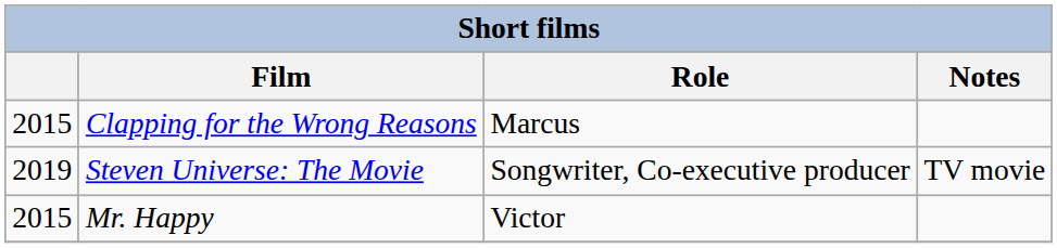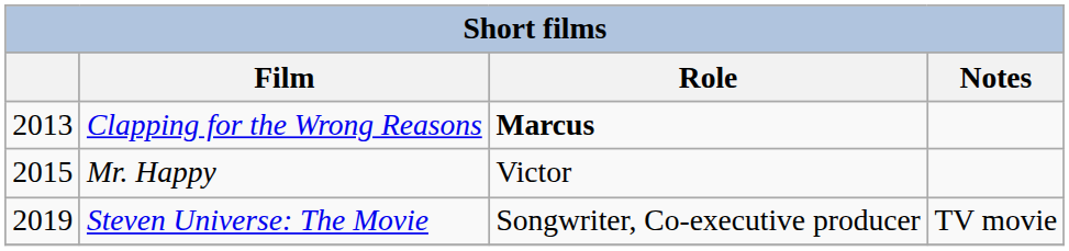 <table class="wikitable">
 <tr style="background:#ccc; text-align:center;">
 <th colspan="4" style="background: LightSteelBlue;">Short films</th>
 </tr>
 <tr style="background:#ccc; text-align:center">
 <th></th>
 <th>Film</th>
 <th>Role</th>
 <th>Notes</th>
 </tr>
 <tr>
+<td>2013</td>
+<td><em><a href='#'>Clapping for the Wrong Reasons</a></em></td>
+<td><strong>Marcus</strong></td>
+<td></td>
+</tr>
+<tr>
 <td>2015</td>
-<td><em><a href='#'>Clapping for the Wrong Reasons</a></em></td>
-<td>Marcus</td>
+<td><em>Mr. Happy</em></td>
+<td>Victor</td>
 <td></td>
 </tr>
 <tr>
 <td>2019</td>
 <td><em><a href='#'>Steven Universe: The Movie</a></em></td>
 <td>Songwriter, Co-executive producer</td>
 <td>TV movie</td>
 </tr>
 <tr>
-<td>2015</td>
-<td><em>Mr. Happy</em></td>
-<td>Victor</td>
-<td></td>
-</tr>
-<tr>
 </tr>
 </table>
